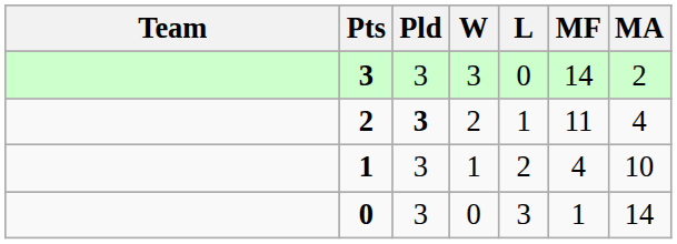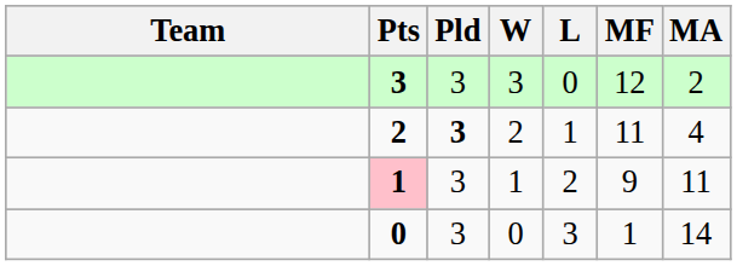 <table class=wikitable style="text-align:center">
 <tr>
 <th width=175>Team</th>
 <th width=20>Pts</th>
 <th width=20>Pld</th>
 <th width=20>W</th>
 <th width=20>L</th>
 <th width=20>MF</th>
 <th width=20>MA</th>
 </tr>
 <tr bgcolor=#ccffcc>
 <td style="text-align:left"></td>
 <td><strong>3</strong></td>
 <td>3</td>
 <td>3</td>
 <td>0</td>
-<td>14</td>
+<td>12</td>
 <td>2</td>
 </tr>
 <tr>
 <td style="text-align:left"></td>
 <td><strong>2</strong></td>
 <td><strong>3</strong></td>
 <td>2</td>
 <td>1</td>
 <td>11</td>
 <td>4</td>
 </tr>
 <tr>
 <td style="text-align:left"></td>
-<td><strong>1</strong></td>
+<td style="background: pink;"><strong>1</strong></td>
 <td>3</td>
 <td>1</td>
 <td>2</td>
-<td>4</td>
-<td>10</td>
+<td>9</td>
+<td>11</td>
 </tr>
 <tr>
 <td style="text-align:left"></td>
 <td><strong>0</strong></td>
 <td>3</td>
 <td>0</td>
 <td>3</td>
 <td>1</td>
 <td>14</td>
 </tr>
 </table>
